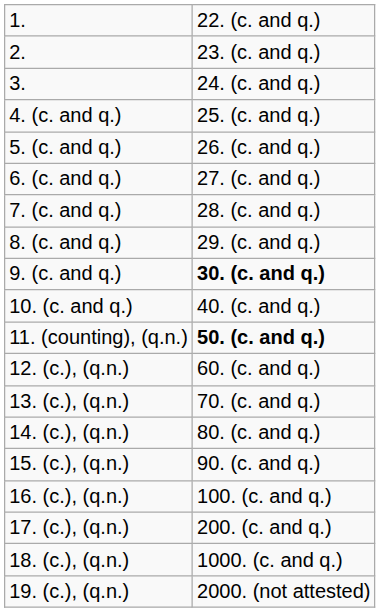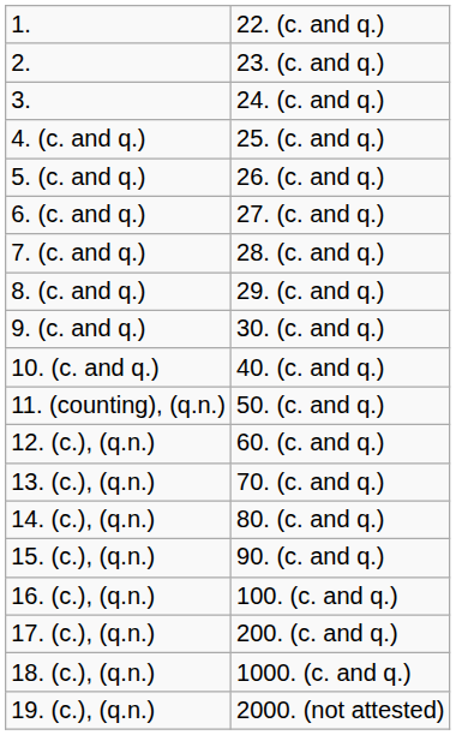 <table class="wikitable">
 <tr>
 <td>1. </td>
 <td>22.  (c. and q.)</td>
 </tr>
 <tr>
 <td>2. </td>
 <td>23.  (c. and q.)</td>
 </tr>
 <tr>
 <td>3. </td>
 <td>24.  (c. and q.)</td>
 </tr>
 <tr>
 <td>4.  (c. and q.)</td>
 <td>25.  (c. and q.)</td>
 </tr>
 <tr>
 <td>5.  (c. and q.)</td>
 <td>26.  (c. and q.)</td>
 </tr>
 <tr>
 <td>6.  (c. and q.)</td>
 <td>27.  (c. and q.)</td>
 </tr>
 <tr>
 <td>7.  (c. and q.)</td>
 <td>28.  (c. and q.)</td>
 </tr>
 <tr>
 <td>8.  (c. and q.)</td>
 <td>29.  (c. and q.)</td>
 </tr>
 <tr>
 <td>9.  (c. and q.)</td>
-<td><strong>30.  (c. and q.)</strong></td>
+<td>30.  (c. and q.)</td>
 </tr>
 <tr>
 <td>10.  (c. and q.)</td>
 <td>40.  (c. and q.)</td>
 </tr>
 <tr>
 <td>11.  (counting),  (q.n.)</td>
-<td><strong>50.  (c. and q.)</strong></td>
+<td>50.  (c. and q.)</td>
 </tr>
 <tr>
 <td>12.  (c.),  (q.n.)</td>
 <td>60.  (c. and q.)</td>
 </tr>
 <tr>
 <td>13.  (c.),  (q.n.)</td>
 <td>70.  (c. and q.)</td>
 </tr>
 <tr>
 <td>14.  (c.),  (q.n.)</td>
 <td>80.  (c. and q.)</td>
 </tr>
 <tr>
 <td>15.  (c.),  (q.n.)</td>
 <td>90.  (c. and q.)</td>
 </tr>
 <tr>
 <td>16.  (c.),  (q.n.)</td>
 <td>100.  (c. and q.)</td>
 </tr>
 <tr>
 <td>17.  (c.),  (q.n.)</td>
 <td>200.  (c. and q.)</td>
 </tr>
 <tr>
 <td>18.  (c.),  (q.n.)</td>
 <td>1000.  (c. and q.)</td>
 </tr>
 <tr>
 <td>19.  (c.),  (q.n.)</td>
 <td>2000.  (not attested)</td>
 </tr>
 </table>
